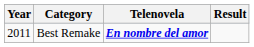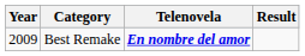 <table class="wikitable">
 <tr style="background:#b0c4de;">
 <th>Year</th>
 <th>Category</th>
 <th>Telenovela</th>
 <th>Result</th>
 </tr>
 <tr>
-<td>2011</td>
+<td>2009</td>
 <td>Best Remake</td>
 <td><strong><em><a href='#'>En nombre del amor</a></em></strong></td>
 <td></td>
 </tr>
 </table>
